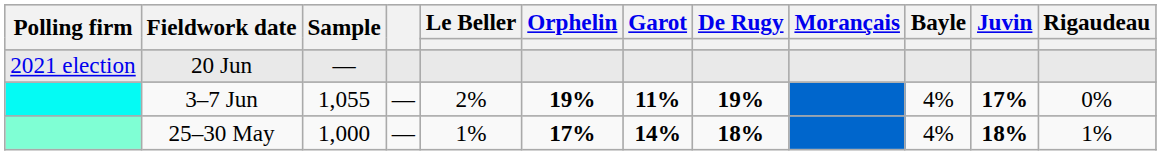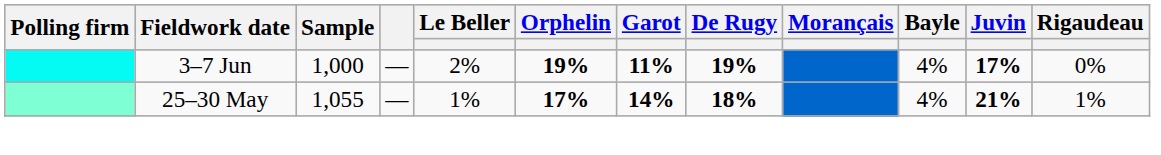 <table class="wikitable" style="text-align:center;font-size:90%;line-height:14px;">
 <tr>
 <th rowspan="2">Polling firm</th>
 <th rowspan="2">Fieldwork date</th>
 <th rowspan="2">Sample</th>
 <th rowspan="2"></th>
 <th>Le Beller<br></th>
 <th><a href='#'>Orphelin</a><br></th>
 <th><a href='#'>Garot</a><br></th>
 <th><a href='#'>De Rugy</a><br></th>
 <th><a href='#'>Morançais</a><br></th>
 <th>Bayle<br></th>
 <th><a href='#'>Juvin</a><br></th>
 <th>Rigaudeau<br></th>
 </tr>
 <tr>
 <th style="background:"></th>
 <th style="background:"></th>
 <th style="background:"></th>
 <th style="background:"></th>
 <th style="background:"></th>
 <th style="background:"></th>
 <th style="background:"></th>
 <th style="background:"></th>
 </tr>
-<tr style="background:#E9E9E9;">
-<td><a href='#'>2021 election</a></td>
-<td data-sort-value="2021-06-20">20 Jun</td>
-<td>—</td>
-<td></td>
-<td></td>
-<td></td>
-<td></td>
-<td></td>
-<td></td>
-<td></td>
-<td></td>
-<td></td>
-</tr>
 <tr>
 <td style="background:#04FBF4;"></td>
 <td>3–7 Jun</td>
-<td>1,055</td>
+<td>1,000</td>
 <td>—</td>
 <td>2%</td>
 <td><strong>19%</strong></td>
 <td><strong>11%</strong></td>
 <td><strong>19%</strong></td>
 <td style="background:#0066CC;"></td>
 <td>4%</td>
 <td><strong>17%</strong></td>
 <td>0%</td>
 </tr>
 <tr>
 <td style="background:aquamarine;"></td>
 <td>25–30 May</td>
-<td>1,000</td>
+<td>1,055</td>
 <td>—</td>
 <td>1%</td>
 <td><strong>17%</strong></td>
 <td><strong>14%</strong></td>
 <td><strong>18%</strong></td>
 <td style="background:#0066CC;"></td>
 <td>4%</td>
-<td><strong>18%</strong></td>
+<td><strong>21%</strong></td>
 <td>1%</td>
 </tr>
 </table>
